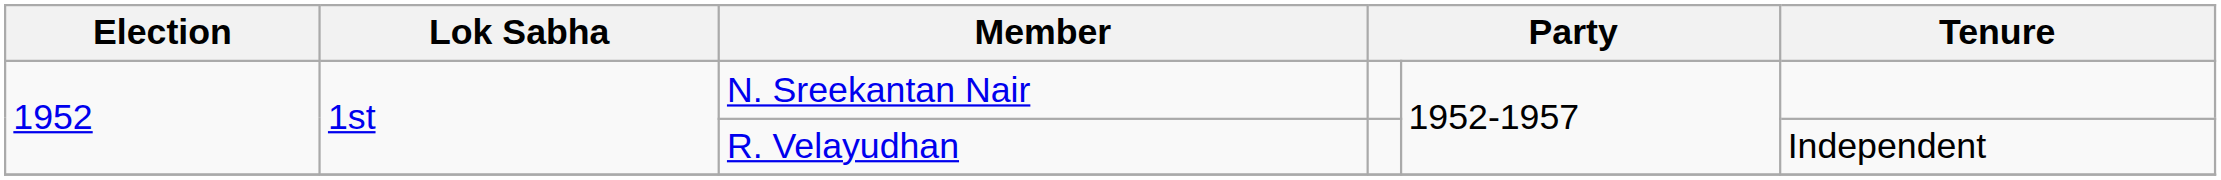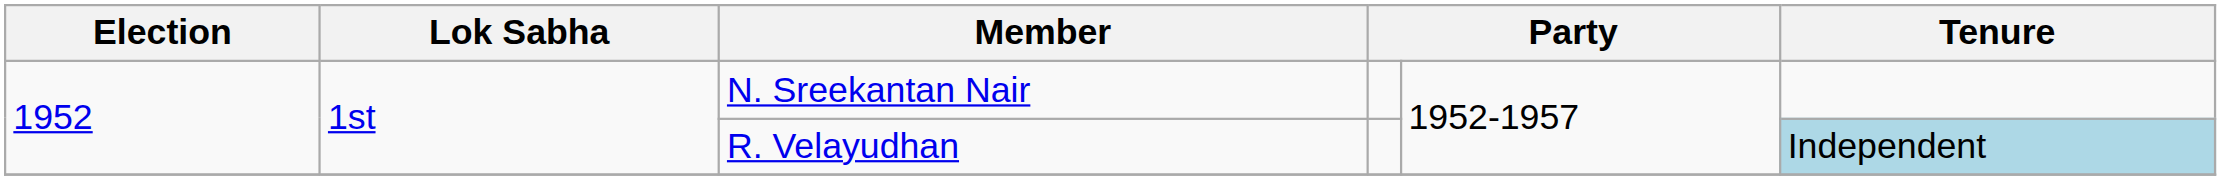 <table class="wikitable sortable" width="50%">
 <tr>
 <th>Election</th>
 <th>Lok Sabha</th>
 <th>Member</th>
 <th colspan="2">Party</th>
 <th>Tenure</th>
 </tr>
 <tr>
 <td rowspan=2><a href='#'>1952</a></td>
 <td rowspan=2><a href='#'>1st</a></td>
 <td><a href='#'>N. Sreekantan Nair</a></td>
 <td></td>
 <td rowspan=2>1952-1957</td>
 </tr>
 <tr>
 <td><a href='#'>R. Velayudhan</a></td>
 <td bgcolor=></td>
-<td>Independent</td>
+<td style="background: lightblue;">Independent</td>
 </tr>
 <tr>
 </tr>
 </table>
